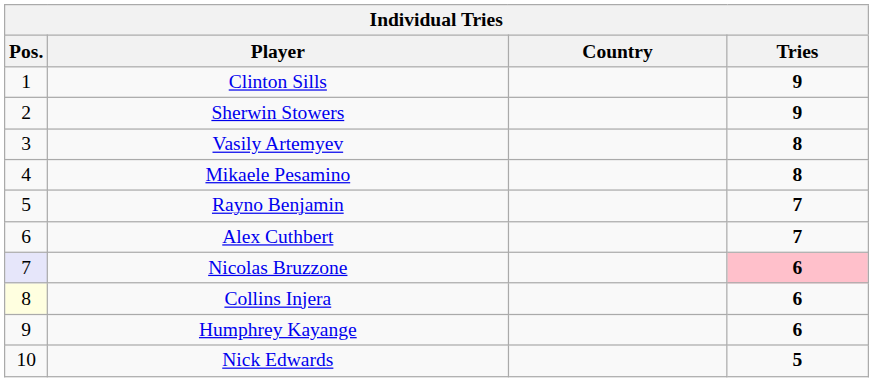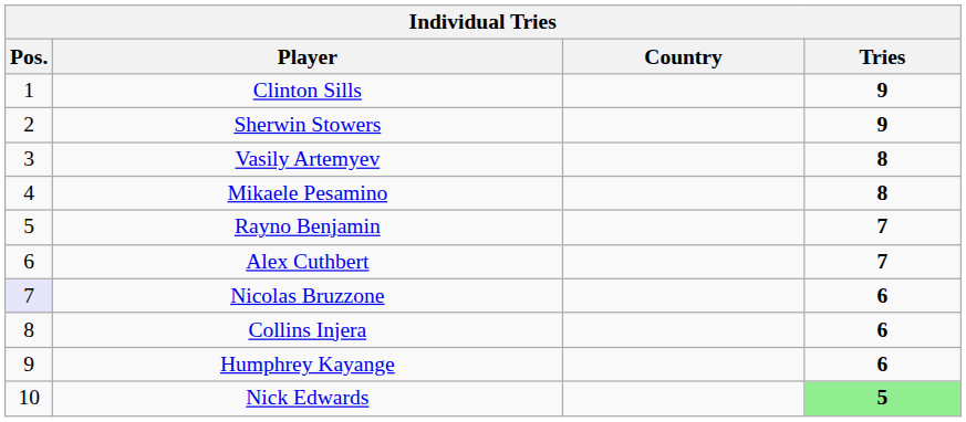 <table class="wikitable" style="text-align:center">
 <tr bgcolor="#efefef">
 <th colspan=4 style="border-right:0px;";>Individual Tries</th>
 </tr>
 <tr bgcolor="#efefef">
 <th width=5%>Pos.</th>
 <th>Player</th>
 <th>Country</th>
 <th>Tries</th>
 </tr>
 <tr>
 <td>1</td>
 <td><a href='#'>Clinton Sills</a></td>
 <td></td>
 <td><strong>9</strong></td>
 </tr>
 <tr>
 <td>2</td>
 <td><a href='#'>Sherwin Stowers</a></td>
 <td></td>
 <td><strong>9</strong></td>
 </tr>
 <tr>
 <td>3</td>
 <td><a href='#'>Vasily Artemyev</a></td>
 <td></td>
 <td><strong>8</strong></td>
 </tr>
 <tr>
 <td>4</td>
 <td><a href='#'>Mikaele Pesamino</a></td>
 <td></td>
 <td><strong>8</strong></td>
 </tr>
 <tr>
 <td>5</td>
 <td><a href='#'>Rayno Benjamin</a></td>
 <td></td>
 <td><strong>7</strong></td>
 </tr>
 <tr>
 <td>6</td>
 <td><a href='#'>Alex Cuthbert</a></td>
 <td></td>
 <td><strong>7</strong></td>
 </tr>
 <tr>
 <td style="background: lavender;">7</td>
 <td><a href='#'>Nicolas Bruzzone</a></td>
 <td></td>
-<td style="background: pink;"><strong>6</strong></td>
+<td><strong>6</strong></td>
 </tr>
 <tr>
-<td style="background: lightyellow;">8</td>
+<td>8</td>
 <td><a href='#'>Collins Injera</a></td>
 <td></td>
 <td><strong>6</strong></td>
 </tr>
 <tr>
 <td>9</td>
 <td><a href='#'>Humphrey Kayange</a></td>
 <td></td>
 <td><strong>6</strong></td>
 </tr>
 <tr>
 <td>10</td>
 <td><a href='#'>Nick Edwards</a></td>
 <td></td>
-<td><strong>5</strong></td>
+<td style="background: lightgreen;"><strong>5</strong></td>
 </tr>
 </table>
